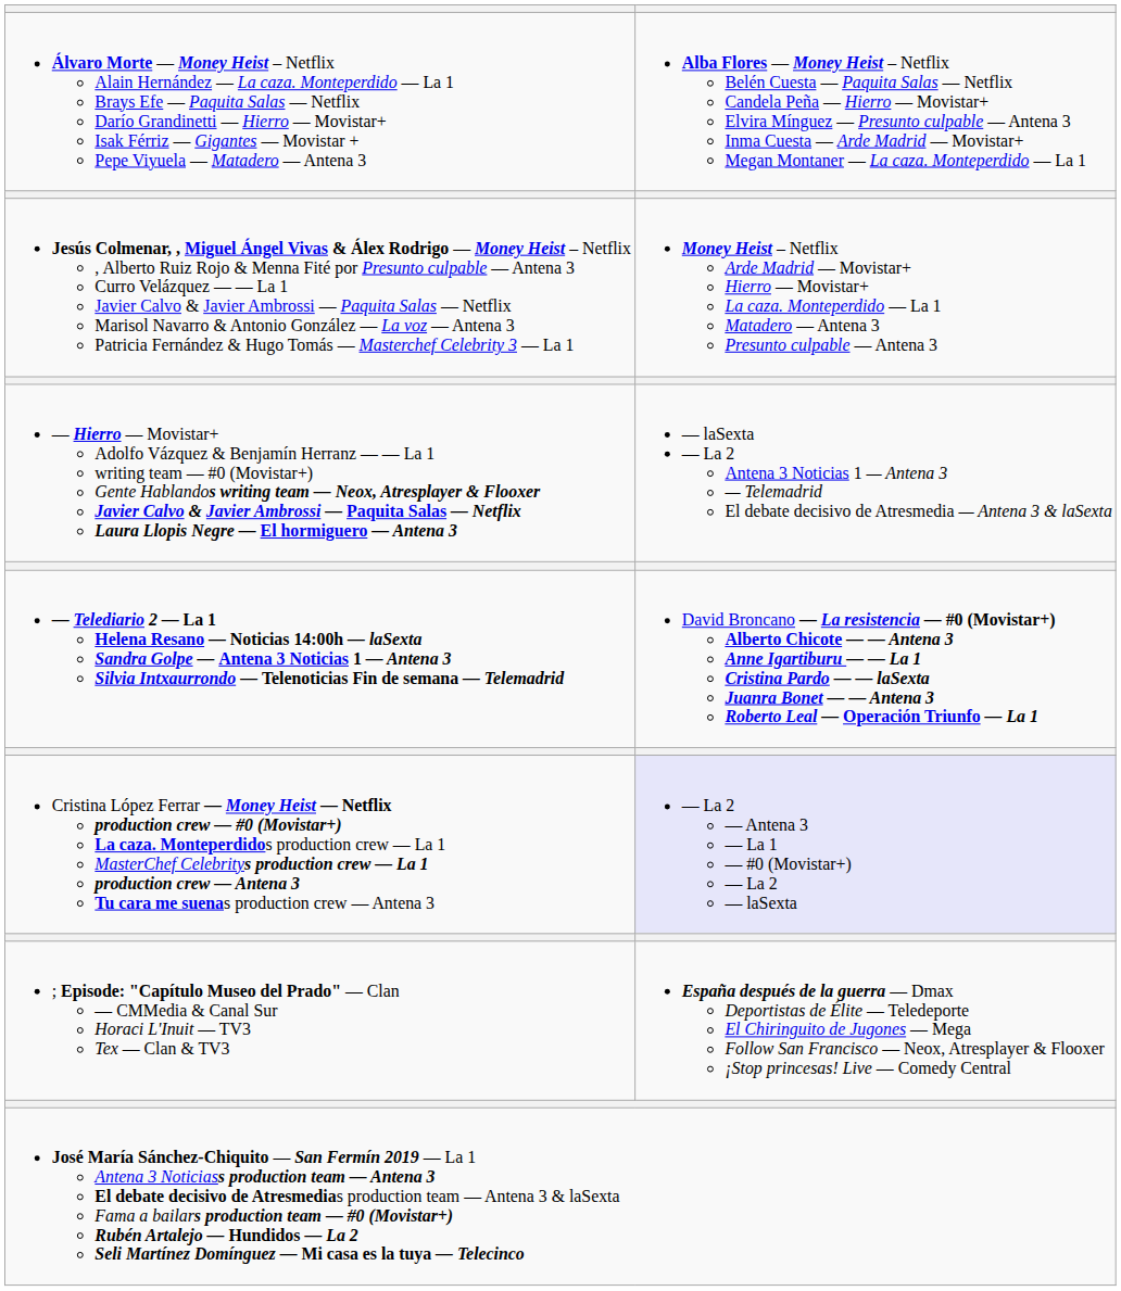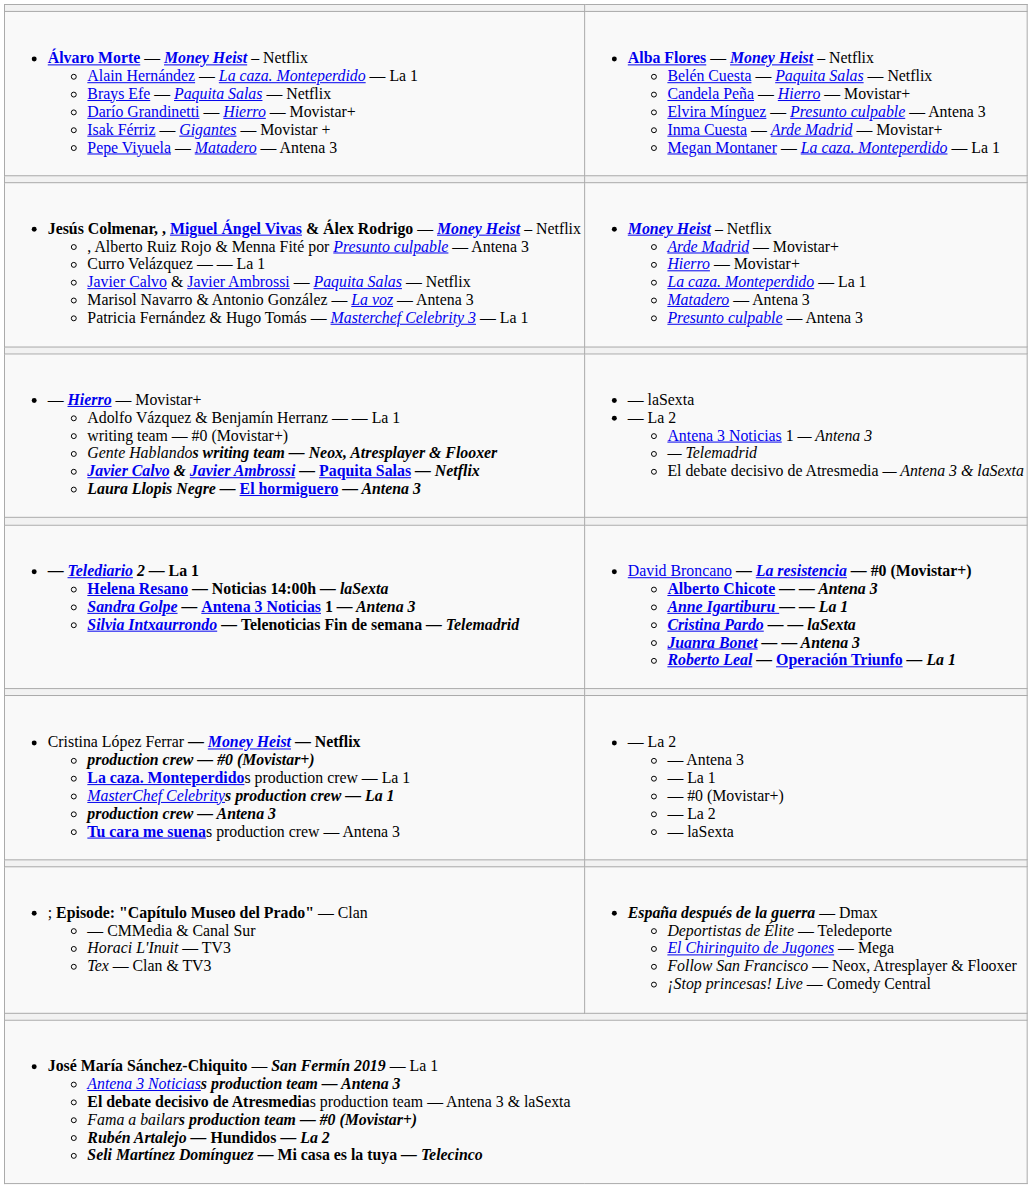 <table class=wikitable style="width=100%">
 <tr>
 <th style="width=50%"></th>
 <th style="width=50%"></th>
 </tr>
 <tr>
 <td valign="top"><br><ul><li><strong><a href='#'>Álvaro Morte</a></strong> — <strong><em><a href='#'>Money Heist</a></em></strong> – Netflix<ul><li><a href='#'>Alain Hernández</a> — <em><a href='#'>La caza. Monteperdido</a></em> — La 1</li><li><a href='#'>Brays Efe</a> — <em><a href='#'>Paquita Salas</a></em> — Netflix</li><li><a href='#'>Darío Grandinetti</a> — <em><a href='#'>Hierro</a></em> — Movistar+</li><li><a href='#'>Isak Férriz</a> — <em><a href='#'>Gigantes</a></em> — Movistar +</li><li><a href='#'>Pepe Viyuela</a> — <em><a href='#'>Matadero</a></em> — Antena 3</li></ul></li></ul></td>
 <td valign="top"><br><ul><li><strong><a href='#'>Alba Flores</a></strong> — <strong><em><a href='#'>Money Heist</a></em></strong> – Netflix<ul><li><a href='#'>Belén Cuesta</a> — <em><a href='#'>Paquita Salas</a></em> — Netflix</li><li><a href='#'>Candela Peña</a> — <em><a href='#'>Hierro</a></em> — Movistar+</li><li><a href='#'>Elvira Mínguez</a> — <em><a href='#'>Presunto culpable</a></em> — Antena 3</li><li><a href='#'>Inma Cuesta</a> — <em><a href='#'>Arde Madrid</a></em> — Movistar+</li><li><a href='#'>Megan Montaner</a> — <em><a href='#'>La caza. Monteperdido</a></em> — La 1</li></ul></li></ul></td>
 </tr>
 <tr>
 <th style="width=50%"></th>
 <th style="width=50%"></th>
 </tr>
 <tr>
 <td valign="top"><br><ul><li><strong>Jesús Colmenar, , <a href='#'>Miguel Ángel Vivas</a> & Álex Rodrigo</strong> — <strong><em><a href='#'>Money Heist</a></em></strong> – Netflix<ul><li>, Alberto Ruiz Rojo & Menna Fité por <em><a href='#'>Presunto culpable</a></em> — Antena 3</li><li>Curro Velázquez — <em></em> — La 1</li><li><a href='#'>Javier Calvo</a> & <a href='#'>Javier Ambrossi</a> — <em><a href='#'>Paquita Salas</a></em> — Netflix</li><li>Marisol Navarro & Antonio González — <em><a href='#'>La voz</a></em> — Antena 3</li><li>Patricia Fernández & Hugo Tomás — <em><a href='#'>Masterchef Celebrity 3</a></em> — La 1</li></ul></li></ul></td>
 <td valign="top"><br><ul><li><strong><em><a href='#'>Money Heist</a></em></strong> – Netflix<ul><li><em><a href='#'>Arde Madrid</a></em> — Movistar+</li><li><em><a href='#'>Hierro</a></em> — Movistar+</li><li><em><a href='#'>La caza. Monteperdido</a></em> — La 1</li><li><em><a href='#'>Matadero</a></em> — Antena 3</li><li><em><a href='#'>Presunto culpable</a></em> — Antena 3</li></ul></li></ul></td>
 </tr>
 <tr>
 <th style="width=50%"></th>
 <th style="width=50%"></th>
 </tr>
 <tr>
 <td valign="top"><br><ul><li><strong></strong> — <strong><em><a href='#'>Hierro</a></em></strong> — Movistar+<ul><li>Adolfo Vázquez & Benjamín Herranz — <em></em> — La 1</li><li><em></em> writing team — #0 (Movistar+)</li><li><em>Gente Hablando<strong>s writing team — Neox, Atresplayer & Flooxer</li><li><a href='#'>Javier Calvo</a> & <a href='#'>Javier Ambrossi</a> — </em><a href='#'>Paquita Salas</a><em> — Netflix</li><li>Laura Llopis Negre — </em><a href='#'>El hormiguero</a><em> — Antena 3</li></ul></li></ul></td>
 <td valign="top"><br><ul><li><strong><em></em></strong> — laSexta</li><li><strong><em></em></strong> — La 2<ul><li></em><a href='#'>Antena 3 Noticias</a> 1<em> — Antena 3</li><li></em><em> — Telemadrid</li><li></em>El debate decisivo de Atresmedia<em> — Antena 3 & laSexta</li></ul></li></ul></td>
 </tr>
 <tr>
 <th style="width=50%"></th>
 <th style="width=50%"></th>
 </tr>
 <tr>
 <td valign="top"><br><ul><li></strong><strong> — <strong><em><a href='#'>Telediario</a> 2</em></strong> — La 1<ul><li><a href='#'>Helena Resano</a> — </em>Noticias 14:00h<em> — laSexta</li><li><a href='#'>Sandra Golpe</a> — </em><a href='#'>Antena 3 Noticias</a> 1<em> — Antena 3</li><li><a href='#'>Silvia Intxaurrondo</a> — </em>Telenoticias Fin de semana<em> — Telemadrid</li></ul></li></ul></td>
 <td valign="top"><br><ul><li></strong><a href='#'>David Broncano</a><strong> — <strong><em><a href='#'>La resistencia</a></em></strong> — #0 (Movistar+)<ul><li><a href='#'>Alberto Chicote</a> — </em><em> — Antena 3</li><li><a href='#'>Anne Igartiburu </a> — </em><em> — La 1</li><li><a href='#'>Cristina Pardo</a> — </em><em>— laSexta</li><li><a href='#'>Juanra Bonet</a> — </em><em> — Antena 3</li><li><a href='#'>Roberto Leal</a> — </em><a href='#'>Operación Triunfo</a><em> — La 1</li></ul></li></ul></td>
 </tr>
 <tr>
 <th style="width=50%"></th>
 <th style="width=50%"></th>
 </tr>
 <tr>
 <td valign="top"><br><ul><li></strong>Cristina López Ferrar<strong> — <strong><em><a href='#'>Money Heist</a></em></strong> — Netflix<ul><li></em><em> production crew — #0 (Movistar+)</li><li></em><a href='#'>La caza. Monteperdido</a></strong>s production crew — La 1</li><li><em><a href='#'>MasterChef Celebrity</a><strong>s production crew — La 1</li><li></em><em> production crew — Antena 3</li><li></em><a href='#'>Tu cara me suena</a></strong>s production crew — Antena 3</li></ul></li></ul></td>
-<td valign="top" style="background: lavender;"><br><ul><li><strong><em></em></strong> — La 2<ul><li><em></em> — Antena 3</li><li><em></em> — La 1</li><li><em></em> — #0 (Movistar+)</li><li><em></em> — La 2</li><li><em></em> — laSexta</li></ul></li></ul></td>
+<td valign="top"><br><ul><li><strong><em></em></strong> — La 2<ul><li><em></em> — Antena 3</li><li><em></em> — La 1</li><li><em></em> — #0 (Movistar+)</li><li><em></em> — La 2</li><li><em></em> — laSexta</li></ul></li></ul></td>
 </tr>
 <tr>
 <th style="width=50%"></th>
 <th style="width=50%"></th>
 </tr>
 <tr>
 <td valign="top"><br><ul><li><strong><em></em></strong>; <strong>Episode: "Capítulo Museo del Prado"</strong> — Clan<ul><li><em></em> — CMMedia & Canal Sur</li><li><em>Horaci L'Inuit</em> — TV3</li><li><em>Tex</em> — Clan & TV3</li></ul></li></ul></td>
 <td valign="top"><br><ul><li><strong><em>España después de la guerra</em></strong> — Dmax<ul><li><em>Deportistas de Élite</em> — Teledeporte</li><li><em><a href='#'>El Chiringuito de Jugones</a></em> — Mega</li><li><em>Follow San Francisco</em> — Neox, Atresplayer & Flooxer</li><li><em>¡Stop princesas! Live</em> — Comedy Central</li></ul></li></ul></td>
 </tr>
 <tr>
 <th colspan = "2"></th>
 </tr>
 <tr>
 <td colspan = "2" valign="top"><br><ul><li><strong>José María Sánchez-Chiquito</strong> — <strong><em>San Fermín 2019</em></strong> — La 1<ul><li><em><a href='#'>Antena 3 Noticias</a><strong>s production team — Antena 3</li><li></em>El debate decisivo de Atresmedia</strong>s production team — Antena 3 & laSexta</li><li><em>Fama a bailar<strong>s production team —  #0 (Movistar+)</li><li>Rubén Artalejo — </em>Hundidos<em> — La 2</li><li>Seli Martínez Domínguez — </em>Mi casa es la tuya<em> — Telecinco</li></ul></li></ul></td>
 </tr>
 </table>
